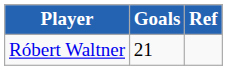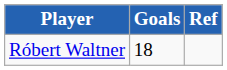 <table class="wikitable">
 <tr>
 <th style="background:#2462B2; color:#FFFFFF">Player</th>
 <th style="background:#2462B2; color:#FFFFFF">Goals</th>
 <th style="background:#2462B2; color:#FFFFFF">Ref</th>
 </tr>
 <tr>
 <td> <a href='#'>Róbert Waltner</a></td>
-<td>21</td>
+<td>18</td>
 <td></td>
 </tr>
 </table>
